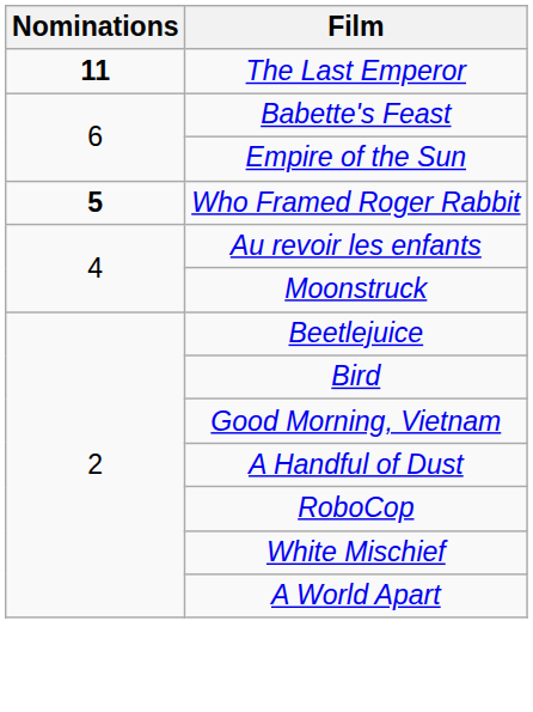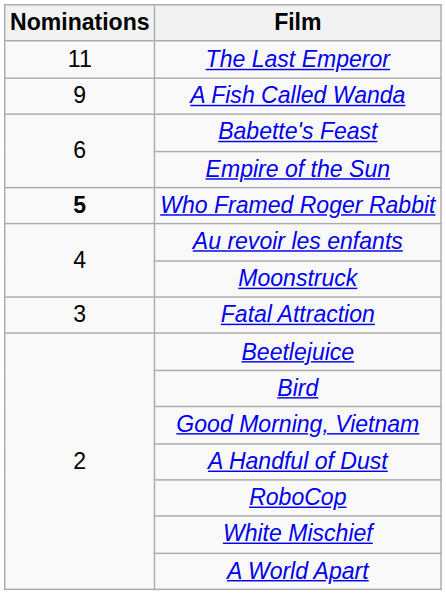 <table class="wikitable" style="text-align:center;">
 <tr>
 <th style="background:">Nominations</th>
 <th style="background:">Film</th>
 </tr>
 <tr>
-<td><strong>11</strong></td>
+<td>11</td>
 <td><em><a href='#'>The Last Emperor</a></em></td>
+</tr>
+<tr>
+<td>9</td>
+<td><em><a href='#'>A Fish Called Wanda</a></em></td>
 </tr>
 <tr>
 <td rowspan="2">6</td>
 <td><em><a href='#'>Babette's Feast</a></em></td>
 </tr>
 <tr>
 <td><em><a href='#'>Empire of the Sun</a></em></td>
 </tr>
 <tr>
 <td><strong>5</strong></td>
 <td><em><a href='#'>Who Framed Roger Rabbit</a></em></td>
 </tr>
 <tr>
 <td rowspan="2">4</td>
 <td><em><a href='#'>Au revoir les enfants</a></em></td>
 </tr>
 <tr>
 <td><em><a href='#'>Moonstruck</a></em></td>
+</tr>
+<tr>
+<td>3</td>
+<td><em><a href='#'>Fatal Attraction</a></em></td>
 </tr>
 <tr>
 <td rowspan="7">2</td>
 <td><em><a href='#'>Beetlejuice</a></em></td>
 </tr>
 <tr>
 <td><em><a href='#'>Bird</a></em></td>
 </tr>
 <tr>
 <td><em><a href='#'>Good Morning, Vietnam</a></em></td>
 </tr>
 <tr>
 <td><em><a href='#'>A Handful of Dust</a></em></td>
 </tr>
 <tr>
 <td><em><a href='#'>RoboCop</a></em></td>
 </tr>
 <tr>
 <td><em><a href='#'>White Mischief</a></em></td>
 </tr>
 <tr>
 <td><em><a href='#'>A World Apart</a></em></td>
 </tr>
 </table>
